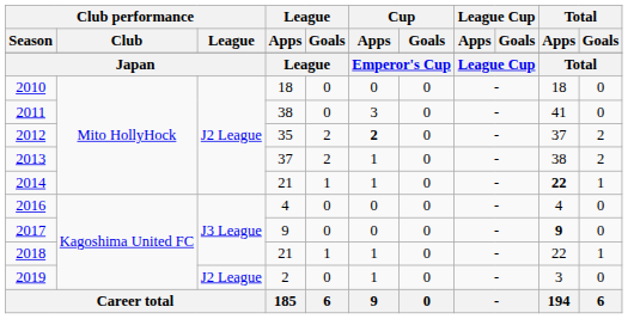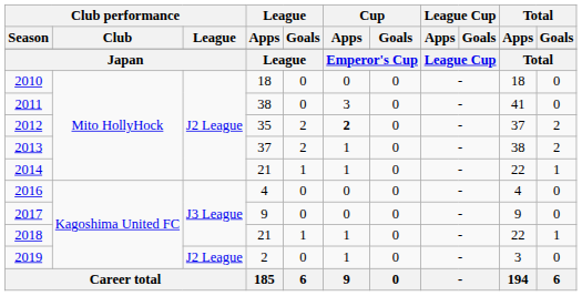 <table class="wikitable" style="text-align:center">
 <tr>
 <th colspan=3>Club performance</th>
 <th colspan=2>League</th>
 <th colspan=2>Cup</th>
 <th colspan=2>League Cup</th>
 <th colspan=2>Total</th>
 </tr>
 <tr>
 <th>Season</th>
 <th>Club</th>
 <th>League</th>
 <th>Apps</th>
 <th>Goals</th>
 <th>Apps</th>
 <th>Goals</th>
 <th>Apps</th>
 <th>Goals</th>
 <th>Apps</th>
 <th>Goals</th>
 </tr>
 <tr>
 </tr>
 <tr>
 <th colspan=3>Japan</th>
 <th colspan=2>League</th>
 <th colspan=2><a href='#'>Emperor's Cup</a></th>
 <th colspan=2><a href='#'>League Cup</a></th>
 <th colspan=2>Total</th>
 </tr>
 <tr>
 <td><a href='#'>2010</a></td>
 <td rowspan="5"><a href='#'>Mito HollyHock</a></td>
 <td rowspan="5"><a href='#'>J2 League</a></td>
 <td>18</td>
 <td>0</td>
 <td>0</td>
 <td>0</td>
 <td colspan="2">-</td>
 <td>18</td>
 <td>0</td>
 </tr>
 <tr>
 <td><a href='#'>2011</a></td>
 <td>38</td>
 <td>0</td>
 <td>3</td>
 <td>0</td>
 <td colspan="2">-</td>
 <td>41</td>
 <td>0</td>
 </tr>
 <tr>
 <td><a href='#'>2012</a></td>
 <td>35</td>
 <td>2</td>
 <td><strong>2</strong></td>
 <td>0</td>
 <td colspan="2">-</td>
 <td>37</td>
 <td>2</td>
 </tr>
 <tr>
 <td><a href='#'>2013</a></td>
 <td>37</td>
 <td>2</td>
 <td>1</td>
 <td>0</td>
 <td colspan="2">-</td>
 <td>38</td>
 <td>2</td>
 </tr>
 <tr>
 <td><a href='#'>2014</a></td>
 <td>21</td>
 <td>1</td>
 <td>1</td>
 <td>0</td>
 <td colspan="2">-</td>
-<td><strong>22</strong></td>
+<td>22</td>
 <td>1</td>
 </tr>
 <tr>
 <td><a href='#'>2016</a></td>
 <td rowspan="4"><a href='#'>Kagoshima United FC</a></td>
 <td rowspan="3"><a href='#'>J3 League</a></td>
 <td>4</td>
 <td>0</td>
 <td>0</td>
 <td>0</td>
 <td colspan="2">-</td>
 <td>4</td>
 <td>0</td>
 </tr>
 <tr>
 <td><a href='#'>2017</a></td>
 <td>9</td>
 <td>0</td>
 <td>0</td>
 <td>0</td>
 <td colspan="2">-</td>
-<td><strong>9</strong></td>
+<td>9</td>
 <td>0</td>
 </tr>
 <tr>
 <td><a href='#'>2018</a></td>
 <td>21</td>
 <td>1</td>
 <td>1</td>
 <td>0</td>
 <td colspan="2">-</td>
 <td>22</td>
 <td>1</td>
 </tr>
 <tr>
 <td><a href='#'>2019</a></td>
 <td><a href='#'>J2 League</a></td>
 <td>2</td>
 <td>0</td>
 <td>1</td>
 <td>0</td>
 <td colspan="2">-</td>
 <td>3</td>
 <td>0</td>
 </tr>
 <tr>
 <th colspan=3>Career total</th>
 <th>185</th>
 <th>6</th>
 <th>9</th>
 <th>0</th>
 <th colspan="2">-</th>
 <th>194</th>
 <th>6</th>
 </tr>
 </table>
